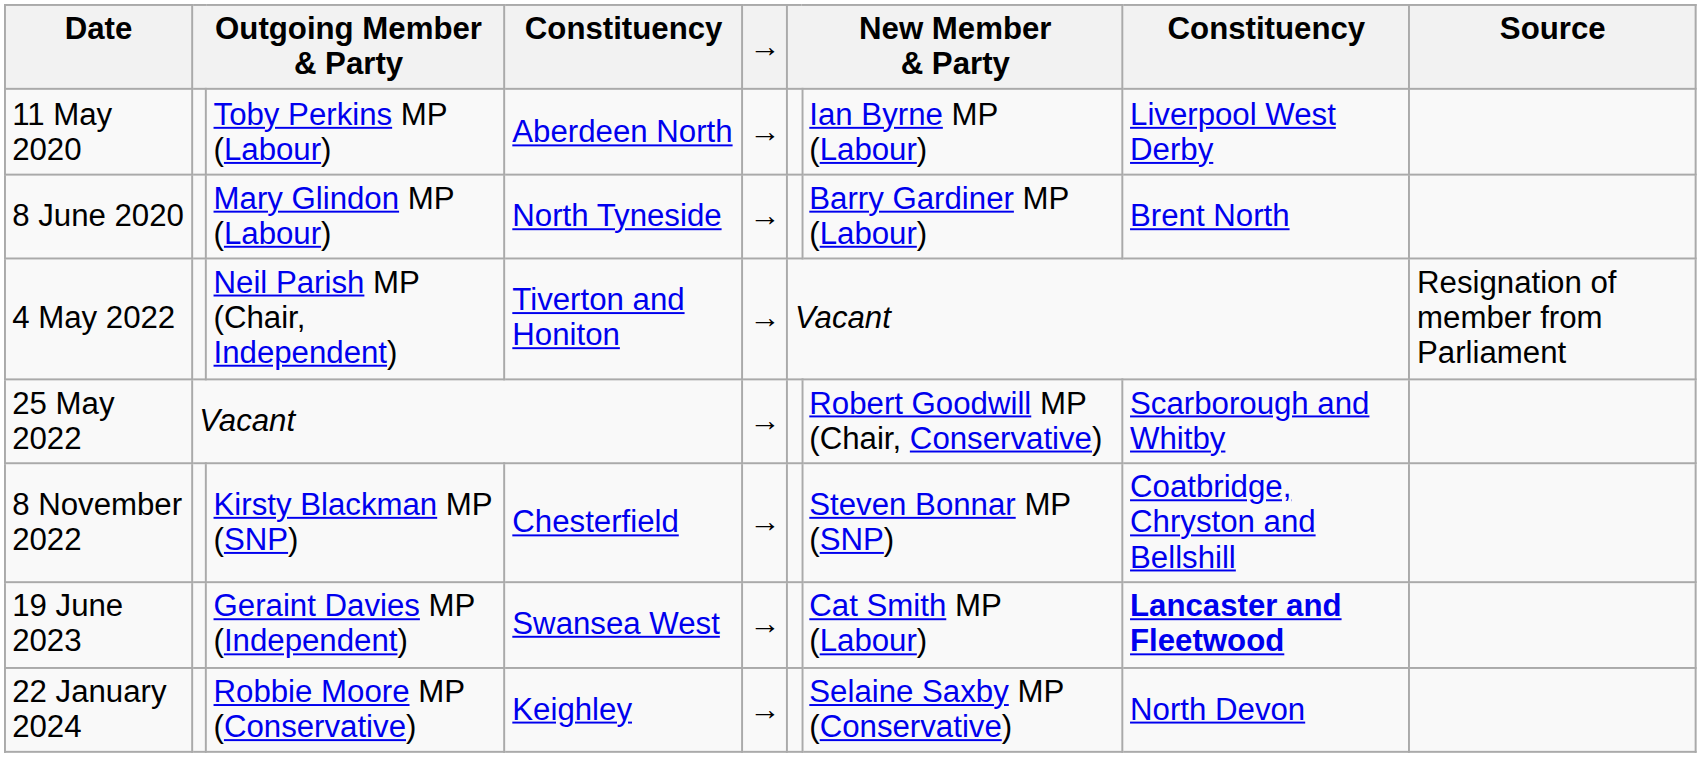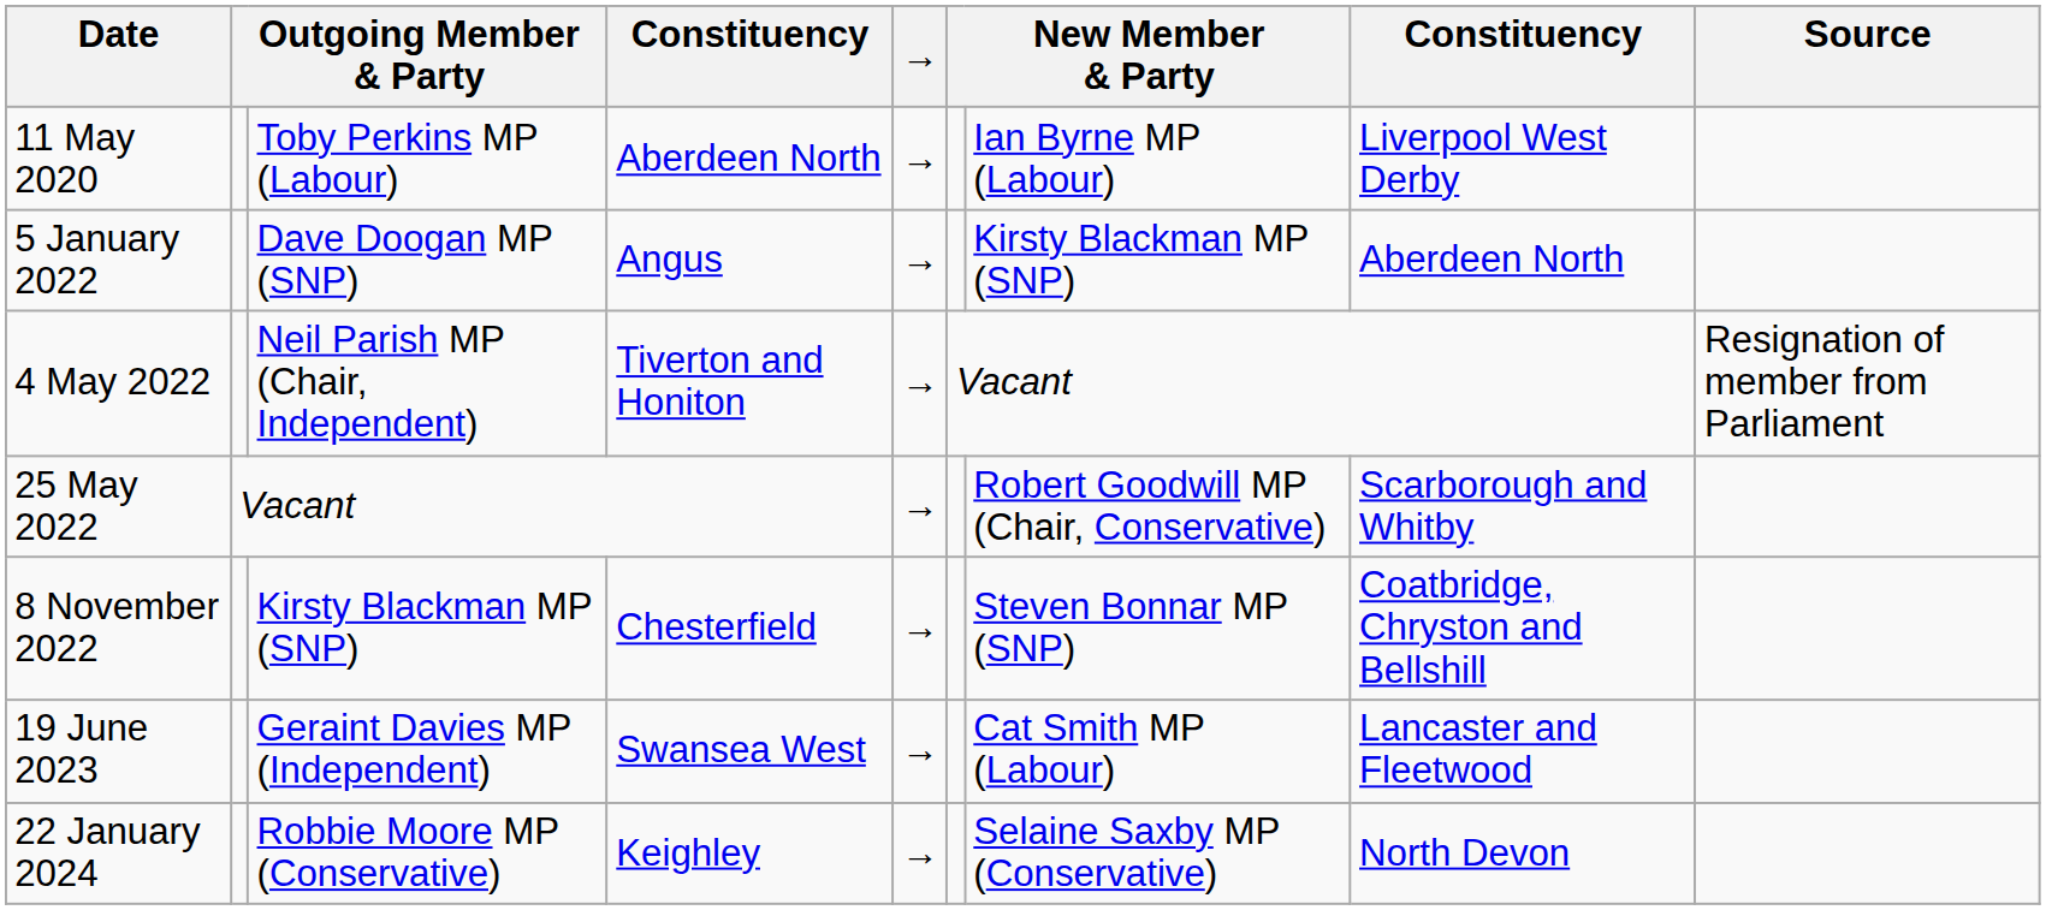 <table class="wikitable">
 <tr>
 <th valign="top">Date</th>
 <th colspan="2" valign="top">Outgoing Member<br>& Party</th>
 <th valign="top">Constituency</th>
 <th>→</th>
 <th colspan="2" valign="top">New Member<br>& Party</th>
 <th valign="top">Constituency</th>
 <th valign="top">Source</th>
 </tr>
 <tr>
 <td>11 May 2020</td>
 <td style="color:inherit;background:"></td>
 <td><a href='#'>Toby Perkins</a> MP (<a href='#'>Labour</a>)</td>
 <td><a href='#'>Aberdeen North</a></td>
 <td>→</td>
 <td style="color:inherit;background:"></td>
 <td><a href='#'>Ian Byrne</a> MP (<a href='#'>Labour</a>)</td>
 <td><a href='#'>Liverpool West Derby</a></td>
 <td></td>
 </tr>
 <tr>
-<td>8 June 2020</td>
+<td>5 January 2022</td>
 <td style="color:inherit;background:"></td>
-<td><a href='#'>Mary Glindon</a> MP (<a href='#'>Labour</a>)</td>
-<td><a href='#'>North Tyneside</a></td>
+<td><a href='#'>Dave Doogan</a> MP (<a href='#'>SNP</a>)</td>
+<td><a href='#'>Angus</a></td>
 <td>→</td>
 <td style="color:inherit;background:"></td>
-<td><a href='#'>Barry Gardiner</a> MP (<a href='#'>Labour</a>)</td>
-<td><a href='#'>Brent North</a></td>
+<td><a href='#'>Kirsty Blackman</a> MP (<a href='#'>SNP</a>)</td>
+<td><a href='#'>Aberdeen North</a></td>
 <td></td>
 </tr>
 <tr>
 <td>4 May 2022</td>
 <td style="color:inherit;background:"></td>
 <td><a href='#'>Neil Parish</a> MP (Chair, <a href='#'>Independent</a>)</td>
 <td><a href='#'>Tiverton and Honiton</a></td>
 <td>→</td>
 <td colspan=3><em>Vacant</em></td>
 <td>Resignation of member from Parliament</td>
 </tr>
 <tr>
 <td>25 May 2022</td>
 <td colspan=3><em>Vacant</em></td>
 <td>→</td>
 <td style="color:inherit;background:"></td>
 <td><a href='#'>Robert Goodwill</a> MP (Chair, <a href='#'>Conservative</a>)</td>
 <td><a href='#'>Scarborough and Whitby</a></td>
 <td></td>
 </tr>
 <tr>
 <td>8 November 2022</td>
 <td style="color:inherit;background:"></td>
 <td><a href='#'>Kirsty Blackman</a> MP (<a href='#'>SNP</a>)</td>
 <td><a href='#'>Chesterfield</a></td>
 <td>→</td>
 <td style="color:inherit;background:"></td>
 <td><a href='#'>Steven Bonnar</a> MP (<a href='#'>SNP</a>)</td>
 <td><a href='#'>Coatbridge, Chryston and Bellshill</a></td>
 <td></td>
 </tr>
 <tr>
 <td>19 June 2023</td>
 <td style="color:inherit;background:"></td>
 <td><a href='#'>Geraint Davies</a> MP (<a href='#'>Independent</a>)</td>
 <td><a href='#'>Swansea West</a></td>
 <td>→</td>
 <td style="color:inherit;background:"></td>
 <td><a href='#'>Cat Smith</a> MP (<a href='#'>Labour</a>)</td>
-<td><strong><a href='#'>Lancaster and Fleetwood</a></strong></td>
+<td><a href='#'>Lancaster and Fleetwood</a></td>
 <td></td>
 </tr>
 <tr>
 <td>22 January 2024</td>
 <td style="color:inherit;background:"></td>
 <td><a href='#'>Robbie Moore</a> MP (<a href='#'>Conservative</a>)</td>
 <td><a href='#'>Keighley</a></td>
 <td>→</td>
 <td style="color:inherit;background:"></td>
 <td><a href='#'>Selaine Saxby</a> MP (<a href='#'>Conservative</a>)</td>
 <td><a href='#'>North Devon</a></td>
 <td></td>
 </tr>
 </table>
